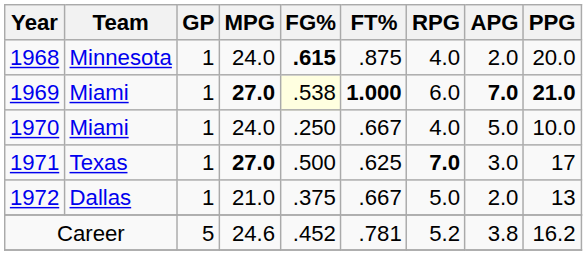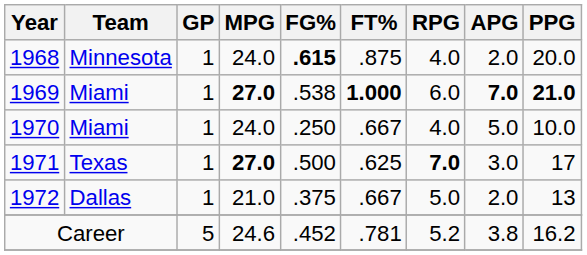 <table class="wikitable sortable" style="font-size:95%; text-align:right;">
 <tr>
 <th>Year</th>
 <th>Team</th>
 <th>GP</th>
 <th>MPG</th>
 <th>FG%</th>
 <th>FT%</th>
 <th>RPG</th>
 <th>APG</th>
 <th>PPG</th>
 </tr>
 <tr>
 <td style="text-align:left;"><a href='#'>1968</a></td>
 <td style="text-align:left;"><a href='#'>Minnesota</a></td>
 <td>1</td>
 <td>24.0</td>
 <td><strong>.615</strong></td>
 <td>.875</td>
 <td>4.0</td>
 <td>2.0</td>
 <td>20.0</td>
 </tr>
 <tr>
 <td style="text-align:left;"><a href='#'>1969</a></td>
 <td style="text-align:left;"><a href='#'>Miami</a></td>
 <td>1</td>
 <td><strong>27.0</strong></td>
-<td style="background: lightyellow;">.538</td>
+<td>.538</td>
 <td><strong>1.000</strong></td>
 <td>6.0</td>
 <td><strong>7.0</strong></td>
 <td><strong>21.0</strong></td>
 </tr>
 <tr>
 <td style="text-align:left;"><a href='#'>1970</a></td>
 <td style="text-align:left;"><a href='#'>Miami</a></td>
 <td>1</td>
 <td>24.0</td>
 <td>.250</td>
 <td>.667</td>
 <td>4.0</td>
 <td>5.0</td>
 <td>10.0</td>
 </tr>
 <tr>
 <td style="text-align:left;"><a href='#'>1971</a></td>
 <td style="text-align:left;"><a href='#'>Texas</a></td>
 <td>1</td>
 <td><strong>27.0</strong></td>
 <td>.500</td>
 <td>.625</td>
 <td><strong>7.0</strong></td>
 <td>3.0</td>
 <td>17</td>
 </tr>
 <tr>
 <td style="text-align:left;"><a href='#'>1972</a></td>
 <td style="text-align:left;"><a href='#'>Dallas</a></td>
 <td>1</td>
 <td>21.0</td>
 <td>.375</td>
 <td>.667</td>
 <td>5.0</td>
 <td>2.0</td>
 <td>13</td>
 </tr>
 <tr>
 </tr>
 <tr class="sortbottom">
 <td style="text-align:center;" colspan="2">Career</td>
 <td>5</td>
 <td>24.6</td>
 <td>.452</td>
 <td>.781</td>
 <td>5.2</td>
 <td>3.8</td>
 <td>16.2</td>
 </tr>
 <tr>
 </tr>
 </table>
